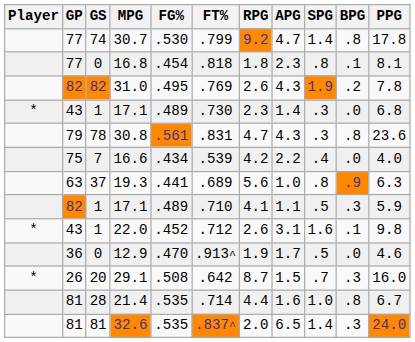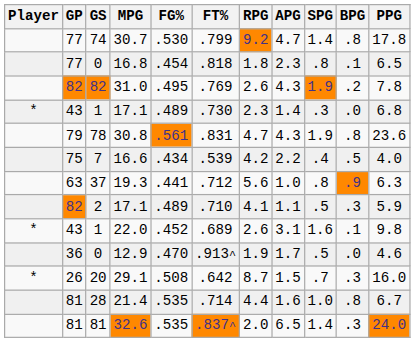 <table class="wikitable sortable" style="font-size:90%; text-align:center; white-space:nowrap;">
 <tr>
 <th>Player</th>
 <th>GP</th>
 <th>GS</th>
 <th>MPG</th>
 <th>FG%</th>
 <th>FT%</th>
 <th>RPG</th>
 <th>APG</th>
 <th>SPG</th>
 <th>BPG</th>
 <th>PPG</th>
 </tr>
 <tr align="center" bgcolor="">
 <td></td>
 <td>77</td>
 <td>74</td>
 <td>30.7</td>
 <td>.530</td>
 <td>.799</td>
 <td style="background:#FF8800;color:#423189;">9.2</td>
 <td>4.7</td>
 <td>1.4</td>
 <td>.8</td>
 <td>17.8</td>
 </tr>
 <tr align="center" bgcolor="#f0f0f0">
 <td></td>
 <td>77</td>
 <td>0</td>
 <td>16.8</td>
 <td>.454</td>
 <td>.818</td>
 <td>1.8</td>
 <td>2.3</td>
 <td>.8</td>
 <td>.1</td>
-<td>8.1</td>
+<td>6.5</td>
 </tr>
 <tr align="center" bgcolor="">
 <td></td>
 <td style="background:#FF8800;color:#423189;">82</td>
 <td style="background:#FF8800;color:#423189;">82</td>
 <td>31.0</td>
 <td>.495</td>
 <td>.769</td>
 <td>2.6</td>
 <td>4.3</td>
 <td style="background:#FF8800;color:#423189;">1.9</td>
 <td>.2</td>
 <td>7.8</td>
 </tr>
 <tr align="center" bgcolor="#f0f0f0">
 <td>*</td>
 <td>43</td>
 <td>1</td>
 <td>17.1</td>
 <td>.489</td>
 <td>.730</td>
 <td>2.3</td>
 <td>1.4</td>
 <td>.3</td>
 <td>.0</td>
 <td>6.8</td>
 </tr>
 <tr align="center" bgcolor="">
 <td></td>
 <td>79</td>
 <td>78</td>
 <td>30.8</td>
 <td style="background:#FF8800;color:#423189;">.561</td>
 <td>.831</td>
 <td>4.7</td>
 <td>4.3</td>
-<td>.3</td>
+<td>1.9</td>
 <td>.8</td>
 <td>23.6</td>
 </tr>
 <tr align="center" bgcolor="#f0f0f0">
 <td></td>
 <td>75</td>
 <td>7</td>
 <td>16.6</td>
 <td>.434</td>
 <td>.539</td>
 <td>4.2</td>
 <td>2.2</td>
 <td>.4</td>
-<td>.0</td>
+<td>.5</td>
 <td>4.0</td>
 </tr>
 <tr align="center" bgcolor="">
 <td></td>
 <td>63</td>
 <td>37</td>
 <td>19.3</td>
 <td>.441</td>
-<td>.689</td>
+<td>.712</td>
 <td>5.6</td>
 <td>1.0</td>
 <td>.8</td>
 <td style="background:#FF8800;color:#423189;">.9</td>
 <td>6.3</td>
 </tr>
 <tr align="center" bgcolor="#f0f0f0">
 <td></td>
 <td style="background:#FF8800;color:#423189;">82</td>
-<td>1</td>
+<td>2</td>
 <td>17.1</td>
 <td>.489</td>
 <td>.710</td>
 <td>4.1</td>
 <td>1.1</td>
 <td>.5</td>
 <td>.3</td>
 <td>5.9</td>
 </tr>
 <tr align="center" bgcolor="">
 <td>*</td>
 <td>43</td>
 <td>1</td>
 <td>22.0</td>
 <td>.452</td>
-<td>.712</td>
+<td>.689</td>
 <td>2.6</td>
 <td>3.1</td>
 <td>1.6</td>
 <td>.1</td>
 <td>9.8</td>
 </tr>
 <tr align="center" bgcolor="#f0f0f0">
 <td></td>
 <td>36</td>
 <td>0</td>
 <td>12.9</td>
 <td>.470</td>
 <td>.913<small>^</small></td>
 <td>1.9</td>
 <td>1.7</td>
 <td>.5</td>
 <td>.0</td>
 <td>4.6</td>
 </tr>
 <tr align="center" bgcolor="">
 <td>*</td>
 <td>26</td>
 <td>20</td>
 <td>29.1</td>
 <td>.508</td>
 <td>.642</td>
 <td>8.7</td>
 <td>1.5</td>
 <td>.7</td>
 <td>.3</td>
 <td>16.0</td>
 </tr>
 <tr align="center" bgcolor="#f0f0f0">
 <td></td>
 <td>81</td>
 <td>28</td>
 <td>21.4</td>
 <td>.535</td>
 <td>.714</td>
 <td>4.4</td>
 <td>1.6</td>
 <td>1.0</td>
 <td>.8</td>
 <td>6.7</td>
 </tr>
 <tr align="center" bgcolor="">
 <td></td>
 <td>81</td>
 <td>81</td>
 <td style="background:#FF8800;color:#423189;">32.6</td>
 <td>.535</td>
 <td style="background:#FF8800;color:#423189;">.837<small>^</small></td>
 <td>2.0</td>
 <td>6.5</td>
 <td>1.4</td>
 <td>.3</td>
 <td style="background:#FF8800;color:#423189;">24.0</td>
 </tr>
 </table>
